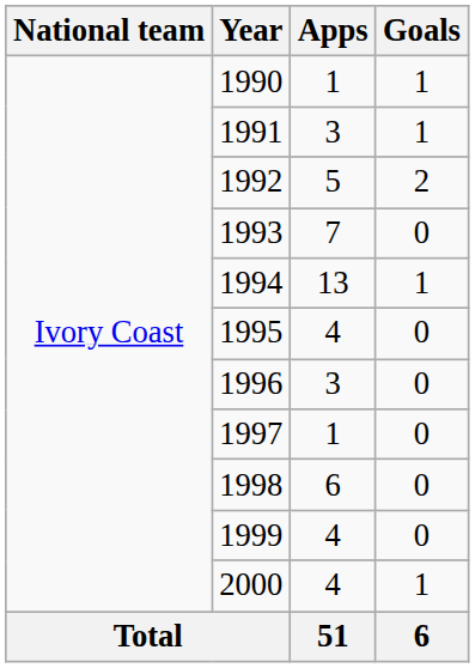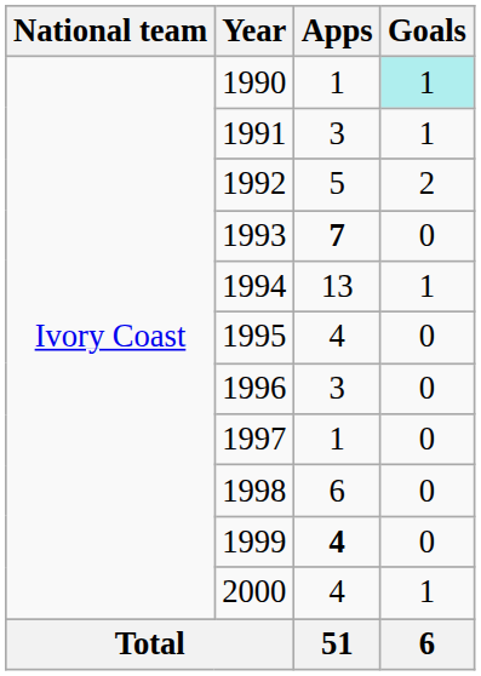 <table class="wikitable" style="text-align:center">
 <tr>
 <th>National team</th>
 <th>Year</th>
 <th>Apps</th>
 <th>Goals</th>
 </tr>
 <tr>
 <td rowspan="11"><a href='#'>Ivory Coast</a></td>
 <td>1990</td>
 <td>1</td>
-<td>1</td>
+<td style="background: paleturquoise;">1</td>
 </tr>
 <tr>
 <td>1991</td>
 <td>3</td>
 <td>1</td>
 </tr>
 <tr>
 <td>1992</td>
 <td>5</td>
 <td>2</td>
 </tr>
 <tr>
 <td>1993</td>
-<td>7</td>
+<td><strong>7</strong></td>
 <td>0</td>
 </tr>
 <tr>
 <td>1994</td>
 <td>13</td>
 <td>1</td>
 </tr>
 <tr>
 <td>1995</td>
 <td>4</td>
 <td>0</td>
 </tr>
 <tr>
 <td>1996</td>
 <td>3</td>
 <td>0</td>
 </tr>
 <tr>
 <td>1997</td>
 <td>1</td>
 <td>0</td>
 </tr>
 <tr>
 <td>1998</td>
 <td>6</td>
 <td>0</td>
 </tr>
 <tr>
 <td>1999</td>
-<td>4</td>
+<td><strong>4</strong></td>
 <td>0</td>
 </tr>
 <tr>
 <td>2000</td>
 <td>4</td>
 <td>1</td>
 </tr>
 <tr>
 <th colspan="2">Total</th>
 <th>51</th>
 <th>6</th>
 </tr>
 </table>
